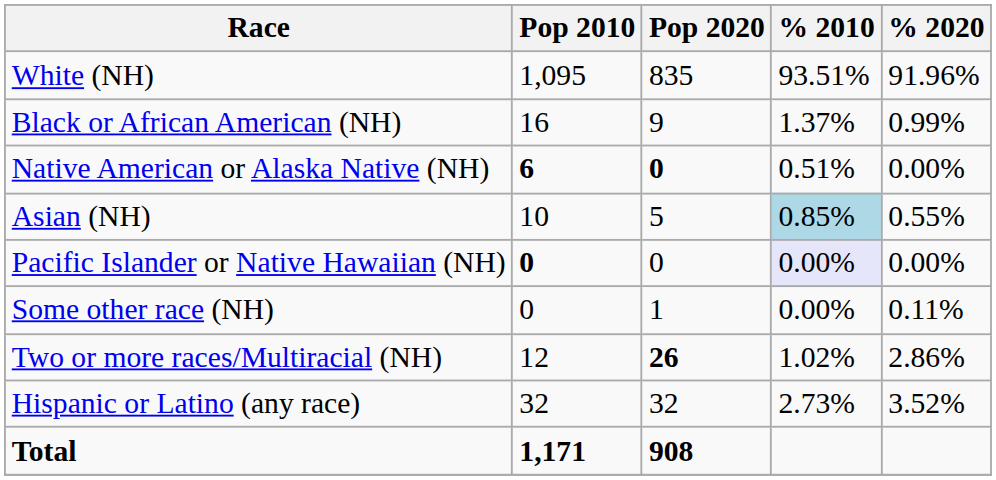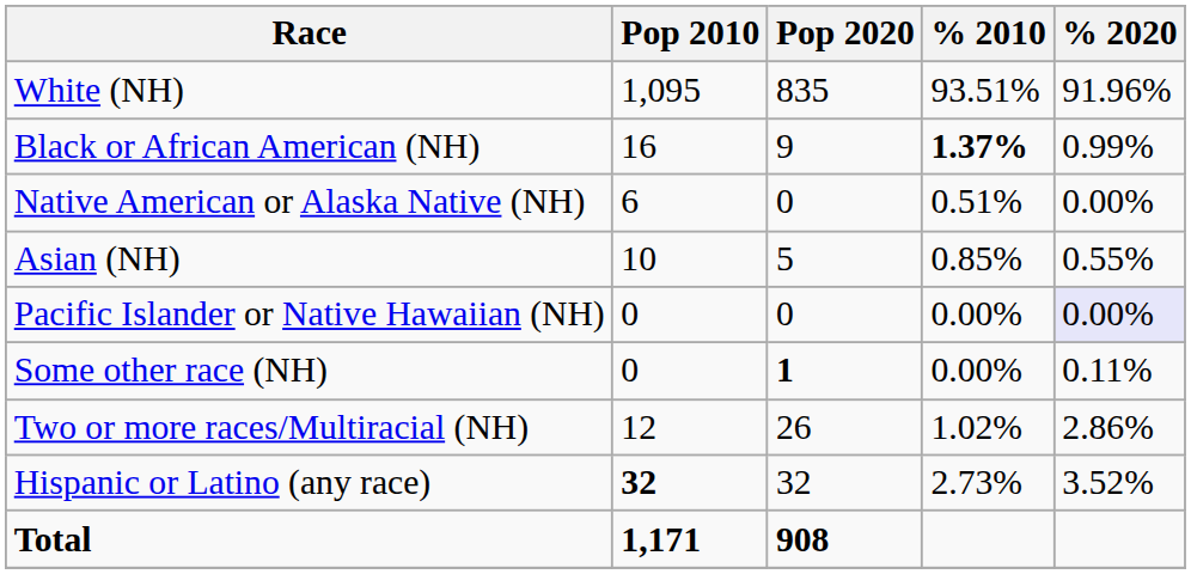 <table class="wikitable">
 <tr>
 <th>Race</th>
 <th>Pop 2010</th>
 <th>Pop 2020</th>
 <th>% 2010</th>
 <th>% 2020</th>
 </tr>
 <tr>
 <td><a href='#'>White</a> (NH)</td>
 <td>1,095</td>
 <td>835</td>
 <td>93.51%</td>
 <td>91.96%</td>
 </tr>
 <tr>
 <td><a href='#'>Black or African American</a> (NH)</td>
 <td>16</td>
 <td>9</td>
-<td>1.37%</td>
+<td><strong>1.37%</strong></td>
 <td>0.99%</td>
 </tr>
 <tr>
 <td><a href='#'>Native American</a> or <a href='#'>Alaska Native</a> (NH)</td>
-<td><strong>6</strong></td>
-<td><strong>0</strong></td>
+<td>6</td>
+<td>0</td>
 <td>0.51%</td>
 <td>0.00%</td>
 </tr>
 <tr>
 <td><a href='#'>Asian</a> (NH)</td>
 <td>10</td>
 <td>5</td>
-<td style="background: lightblue;">0.85%</td>
+<td>0.85%</td>
 <td>0.55%</td>
 </tr>
 <tr>
 <td><a href='#'>Pacific Islander</a> or <a href='#'>Native Hawaiian</a> (NH)</td>
-<td><strong>0</strong></td>
 <td>0</td>
+<td>0</td>
+<td>0.00%</td>
 <td style="background: lavender;">0.00%</td>
-<td>0.00%</td>
 </tr>
 <tr>
 <td><a href='#'>Some other race</a> (NH)</td>
 <td>0</td>
-<td>1</td>
+<td><strong>1</strong></td>
 <td>0.00%</td>
 <td>0.11%</td>
 </tr>
 <tr>
 <td><a href='#'>Two or more races/Multiracial</a> (NH)</td>
 <td>12</td>
-<td><strong>26</strong></td>
+<td>26</td>
 <td>1.02%</td>
 <td>2.86%</td>
 </tr>
 <tr>
 <td><a href='#'>Hispanic or Latino</a> (any race)</td>
-<td>32</td>
+<td><strong>32</strong></td>
 <td>32</td>
 <td>2.73%</td>
 <td>3.52%</td>
 </tr>
 <tr>
 <td><strong>Total</strong></td>
 <td><strong>1,171</strong></td>
 <td><strong>908</strong></td>
 <td></td>
 <td></td>
 </tr>
 <tr>
 </tr>
 </table>
